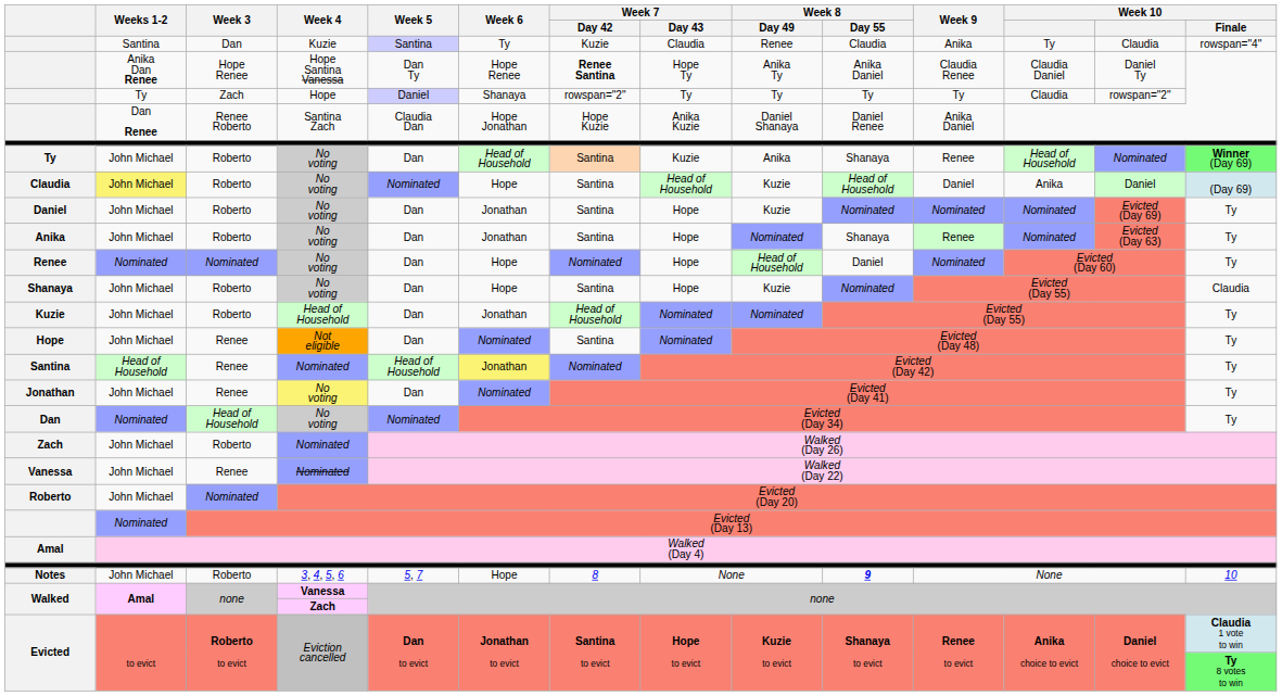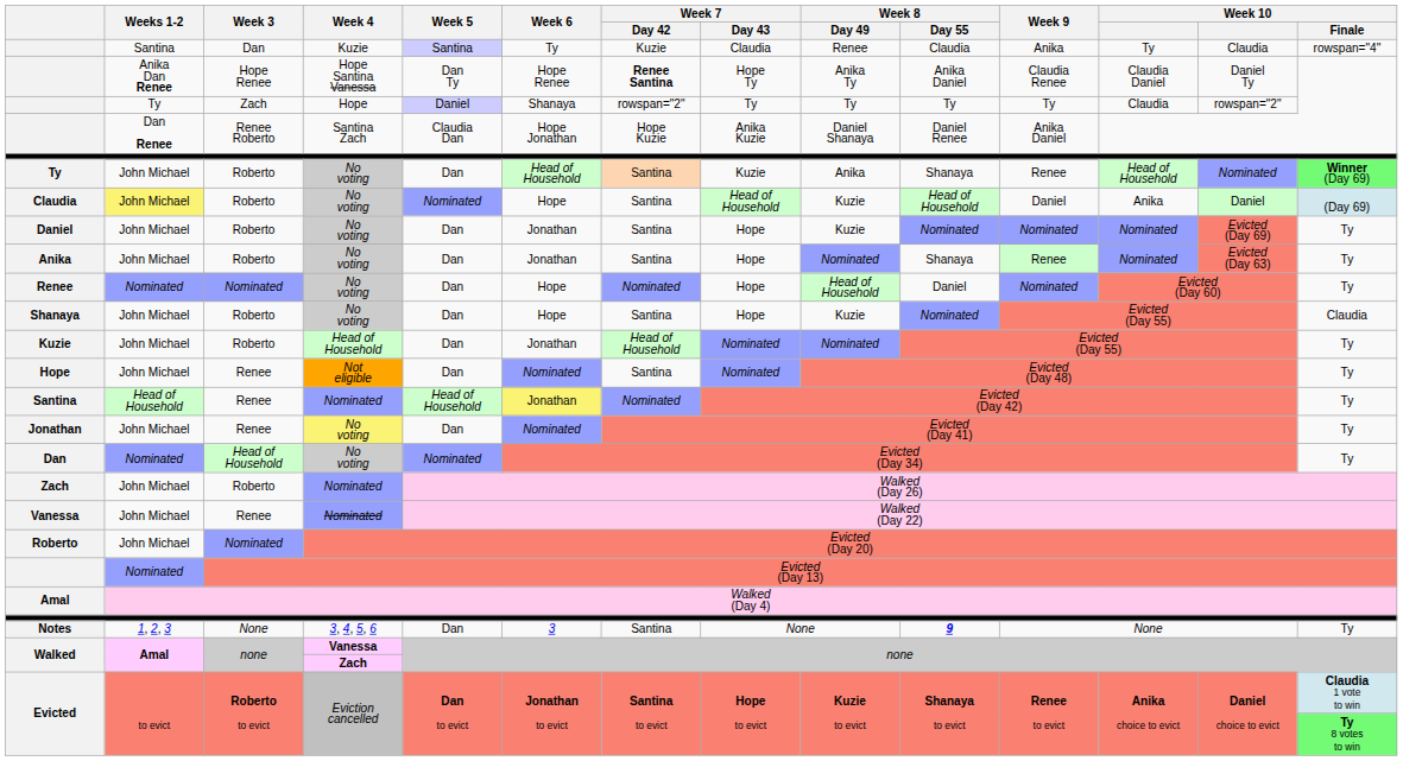 <table class="wikitable" style="width:100%; text-align:center; font-size:85%; line-height:13px;">
 <tr>
 <th rowspan="2" style="width:7%"></th>
 <th rowspan="2" style="width:7%">Weeks 1-2</th>
 <th rowspan="2" style="width:7%">Week 3</th>
 <th rowspan="2" style="width:7%">Week 4</th>
 <th rowspan="2" style="width:7%">Week 5</th>
 <th rowspan="2" style="width:7%">Week 6</th>
 <th colspan="2" style="width:7%">Week 7</th>
 <th colspan="2" style="width:7%">Week 8</th>
 <th rowspan="2" style="width:7%">Week 9</th>
 <th colspan="3" style="width:21%">Week 10</th>
 </tr>
 <tr>
 <th style="width:7%">Day 42</th>
 <th style="width:7%">Day 43</th>
 <th style="width:7%">Day 49</th>
 <th style="width:7%">Day 55</th>
 <th style="width:7%"></th>
 <th style="width:7%"></th>
 <th style="width:7%">Finale</th>
 </tr>
 <tr>
 <th></th>
 <td>Santina</td>
 <td>Dan</td>
 <td>Kuzie</td>
 <td style="background:#ccf">Santina</td>
 <td>Ty</td>
 <td>Kuzie</td>
 <td>Claudia</td>
 <td>Renee</td>
 <td>Claudia</td>
 <td>Anika</td>
 <td>Ty</td>
 <td>Claudia</td>
 <td>rowspan="4" </td>
 </tr>
 <tr>
 <th></th>
 <td>Anika<br>Dan<br><strong>Renee</strong></td>
 <td>Hope<br>Renee</td>
 <td>Hope<br>Santina<br><s>Vanessa</s></td>
 <td>Dan<br>Ty</td>
 <td>Hope<br>Renee</td>
 <td><strong>Renee<br>Santina</strong></td>
 <td>Hope<br>Ty</td>
 <td>Anika<br>Ty</td>
 <td>Anika<br>Daniel</td>
 <td>Claudia<br>Renee</td>
 <td>Claudia<br>Daniel</td>
 <td>Daniel<br>Ty</td>
 </tr>
 <tr>
 <th></th>
 <td>Ty</td>
 <td>Zach</td>
 <td>Hope</td>
 <td style="background:#ccf">Daniel</td>
 <td>Shanaya</td>
 <td>rowspan="2" </td>
 <td>Ty</td>
 <td>Ty</td>
 <td>Ty</td>
 <td>Ty</td>
 <td>Claudia</td>
 <td>rowspan="2" </td>
 </tr>
 <tr>
 <th></th>
 <td>Dan<br><br><strong>Renee</strong></td>
 <td>Renee<br>Roberto</td>
 <td>Santina<br>Zach</td>
 <td>Claudia<br>Dan</td>
 <td>Hope<br>Jonathan</td>
 <td>Hope<br>Kuzie</td>
 <td>Anika<br>Kuzie</td>
 <td>Daniel<br>Shanaya</td>
 <td>Daniel<br>Renee</td>
 <td>Anika<br>Daniel</td>
 </tr>
 <tr>
 <th colspan="14" style="background:#000"></th>
 </tr>
 <tr>
 <th>Ty</th>
 <td>John Michael</td>
 <td>Roberto</td>
 <td style="background:#ccc"><em>No<br>voting</em></td>
 <td>Dan</td>
 <td style="background:#cfc"><em>Head of<br>Household</em></td>
 <td style="background:#FDD5B1;">Santina</td>
 <td>Kuzie</td>
 <td>Anika</td>
 <td>Shanaya</td>
 <td>Renee</td>
 <td style="background:#cfc"><em>Head of<br>Household</em></td>
 <td style="background:#959ffd"><em>Nominated</em></td>
 <td style="background:#73fb76;"><strong>Winner</strong><br>(Day 69)</td>
 </tr>
 <tr>
 <th>Claudia</th>
 <td style="background:#FBF373;">John Michael</td>
 <td>Roberto</td>
 <td style="background:#ccc"><em>No<br>voting</em></td>
 <td style="background:#959ffd"><em>Nominated</em></td>
 <td>Hope</td>
 <td>Santina</td>
 <td style="background:#cfc"><em>Head of<br>Household</em></td>
 <td>Kuzie</td>
 <td style="background:#cfc"><em>Head of<br>Household</em></td>
 <td>Daniel</td>
 <td>Anika</td>
 <td style="background:#cfc">Daniel</td>
 <td style="background:#d1e8ef;"><br>(Day 69)</td>
 </tr>
 <tr>
 <th>Daniel</th>
 <td>John Michael</td>
 <td>Roberto</td>
 <td style="background:#ccc"><em>No<br>voting</em></td>
 <td>Dan</td>
 <td>Jonathan</td>
 <td>Santina</td>
 <td>Hope</td>
 <td>Kuzie</td>
 <td style="background:#959ffd"><em>Nominated</em></td>
 <td style="background:#959ffd"><em>Nominated</em></td>
 <td style="background:#959ffd"><em>Nominated</em></td>
 <td style="background:salmon;"><em>Evicted</em><br>(Day 69)</td>
 <td>Ty</td>
 </tr>
 <tr>
 <th>Anika</th>
 <td>John Michael</td>
 <td>Roberto</td>
 <td style="background:#ccc"><em>No<br>voting</em></td>
 <td>Dan</td>
 <td>Jonathan</td>
 <td>Santina</td>
 <td>Hope</td>
 <td style="background:#959ffd"><em>Nominated</em></td>
 <td>Shanaya</td>
 <td style="background:#cfc">Renee</td>
 <td style="background:#959ffd"><em>Nominated</em></td>
 <td style="background:salmon;"><em>Evicted</em><br>(Day 63)</td>
 <td>Ty</td>
 </tr>
 <tr>
 <th>Renee</th>
 <td style="background:#959ffd"><em>Nominated</em></td>
 <td style="background:#959ffd"><em>Nominated</em></td>
 <td style="background:#ccc"><em>No<br>voting</em></td>
 <td>Dan</td>
 <td>Hope</td>
 <td style="background:#959ffd"><em>Nominated</em></td>
 <td>Hope</td>
 <td style="background:#cfc"><em>Head of<br>Household</em></td>
 <td>Daniel</td>
 <td style="background:#959ffd"><em>Nominated</em></td>
 <td colspan="2" style="background:salmon;"><em>Evicted</em><br>(Day 60)</td>
 <td>Ty</td>
 </tr>
 <tr>
 <th>Shanaya</th>
 <td>John Michael</td>
 <td>Roberto</td>
 <td style="background:#ccc"><em>No<br>voting</em></td>
 <td>Dan</td>
 <td>Hope</td>
 <td>Santina</td>
 <td>Hope</td>
 <td>Kuzie</td>
 <td style="background:#959ffd"><em>Nominated</em></td>
 <td colspan="3" style="background:salmon;"><em>Evicted</em><br>(Day 55)</td>
 <td>Claudia</td>
 </tr>
 <tr>
 <th>Kuzie</th>
 <td>John Michael</td>
 <td>Roberto</td>
 <td style="background:#cfc"><em>Head of<br>Household</em></td>
 <td>Dan</td>
 <td>Jonathan</td>
 <td style="background:#cfc"><em>Head of<br>Household</em></td>
 <td style="background:#959ffd"><em>Nominated</em></td>
 <td style="background:#959ffd"><em>Nominated</em></td>
 <td colspan="4" style="background:salmon;"><em>Evicted</em><br>(Day 55)</td>
 <td>Ty</td>
 </tr>
 <tr>
 <th>Hope</th>
 <td>John Michael</td>
 <td>Renee</td>
 <td style="background:orange"><em>Not<br>eligible</em></td>
 <td>Dan</td>
 <td style="background:#959ffd"><em>Nominated</em></td>
 <td>Santina</td>
 <td style="background:#959ffd"><em>Nominated</em></td>
 <td colspan="5" style="background:salmon;"><em>Evicted</em><br>(Day 48)</td>
 <td>Ty</td>
 </tr>
 <tr>
 <th>Santina</th>
 <td style="background:#cfc"><em>Head of<br>Household</em></td>
 <td>Renee</td>
 <td style="background:#959ffd"><em>Nominated</em></td>
 <td style="background:#cfc"><em>Head of<br>Household</em></td>
 <td style="background:#FBF373;">Jonathan</td>
 <td style="background:#959ffd"><em>Nominated</em></td>
 <td colspan="6" style="background:salmon;"><em>Evicted</em><br>(Day 42)</td>
 <td>Ty</td>
 </tr>
 <tr>
 <th>Jonathan</th>
 <td>John Michael</td>
 <td>Renee</td>
 <td style="background:#FBF373;"><em>No<br>voting</em></td>
 <td>Dan</td>
 <td style="background:#959ffd"><em>Nominated</em></td>
 <td colspan="7" style="background:salmon;"><em>Evicted</em><br>(Day 41)</td>
 <td>Ty</td>
 </tr>
 <tr>
 <th>Dan</th>
 <td style="background:#959ffd"><em>Nominated</em></td>
 <td style="background:#cfc"><em>Head of<br>Household</em></td>
 <td style="background:#ccc"><em>No<br>voting</em></td>
 <td style="background:#959ffd"><em>Nominated</em></td>
 <td colspan="8" style="background:salmon;"><em>Evicted</em><br>(Day 34)</td>
 <td>Ty</td>
 </tr>
 <tr>
 <th>Zach</th>
 <td>John Michael</td>
 <td>Roberto</td>
 <td style="background:#959ffd"><em>Nominated</em></td>
 <td colspan="10" style="background:#fce"><em>Walked</em><br>(Day 26)</td>
 </tr>
 <tr>
 <th>Vanessa</th>
 <td>John Michael</td>
 <td>Renee</td>
 <td style="background:#959ffd"><s><em>Nominated</em></s></td>
 <td colspan="10" style="background:#fce"><em>Walked</em><br>(Day 22)</td>
 </tr>
 <tr>
 <th>Roberto</th>
 <td>John Michael</td>
 <td style="background:#959ffd"><em>Nominated</em></td>
 <td colspan="11" style="background:salmon;"><em>Evicted</em><br>(Day 20)</td>
 </tr>
 <tr>
 <th></th>
 <td style="background:#959ffd"><em>Nominated</em></td>
 <td colspan="12" style="background:salmon;"><em>Evicted</em><br>(Day 13)</td>
 </tr>
 <tr>
 <th>Amal</th>
 <td colspan="13" style="background:#fce"><em>Walked</em><br>(Day 4)</td>
 </tr>
 <tr>
 <th colspan="14" style="background:#000"></th>
 </tr>
 <tr>
 <th>Notes</th>
-<td>John Michael</td>
-<td>Roberto</td>
+<td><em><a href='#'>1</a></em>, <em><a href='#'>2</a></em>, <em><a href='#'>3</a></em></td>
+<td><em>None</em></td>
 <td><em><a href='#'>3</a></em>, <em><a href='#'>4</a></em>, <em><a href='#'>5</a></em>, <em><a href='#'>6</a></em></td>
-<td><em><a href='#'>5</a></em>, <em><a href='#'>7</a></em></td>
-<td>Hope</td>
-<td><em><a href='#'>8</a></em></td>
+<td>Dan</td>
+<td><em><a href='#'>3</a></em></td>
+<td>Santina</td>
 <td colspan="2"><em>None</em></td>
 <td><strong><em><a href='#'>9</a></em></strong></td>
 <td colspan="3"><em>None</em></td>
-<td><em><a href='#'>10</a></em></td>
+<td>Ty</td>
 </tr>
 <tr>
 <th rowspan="2">Walked</th>
 <td rowspan="2" style="background:#fcf"><strong>Amal</strong></td>
 <td colspan="1" rowspan="2" bgcolor="#ccc"><em>none</em></td>
 <td style="background:#fcf"><strong>Vanessa</strong></td>
 <td colspan="10" rowspan="2" bgcolor="#ccc"><em>none</em></td>
 </tr>
 <tr>
 <td style="background:#fcf"><strong>Zach</strong></td>
 </tr>
 <tr>
 <th rowspan="2">Evicted</th>
 <td rowspan="2" style="background:#FA8072"><strong></strong><br><small><br>to evict</small></td>
 <td rowspan="2" style="background:#FA8072"><strong>Roberto</strong><br><small><br>to evict</small></td>
 <td rowspan="2" style="background:#C0C0C0"><em>Eviction<br>cancelled</em></td>
 <td rowspan="2" style="background:#FA8072"><strong>Dan</strong><br><small><br>to evict</small></td>
 <td rowspan="2" style="background:#FA8072"><strong>Jonathan</strong><br><small><br>to evict</small></td>
 <td rowspan="2" style="background:#FA8072"><strong>Santina</strong><br><small><br>to evict</small></td>
 <td rowspan="2" style="background:#FA8072"><strong>Hope</strong><br><small><br>to evict</small></td>
 <td rowspan="2" style="background:#FA8072"><strong>Kuzie</strong><br><small><br>to evict</small></td>
 <td rowspan="2" style="background:#FA8072"><strong>Shanaya</strong><br><small><br>to evict</small></td>
 <td rowspan="2" style="background:#FA8072"><strong>Renee</strong><br><small><br>to evict</small></td>
 <td rowspan="2" style="background:#FA8072"><strong>Anika</strong> <br><small><br>choice to evict</small></td>
 <td rowspan="2" style="background:#FA8072"><strong>Daniel</strong> <br><small><br>choice to evict</small></td>
 <td style="background:#d1e8ef;"><strong>Claudia</strong><br><small>1 vote<br>to win</small></td>
 </tr>
 <tr>
 <td rowspan="2" style="background:#73fb76;"><strong>Ty</strong><br><small>8 votes<br>to win</small></td>
 </tr>
 </table>
